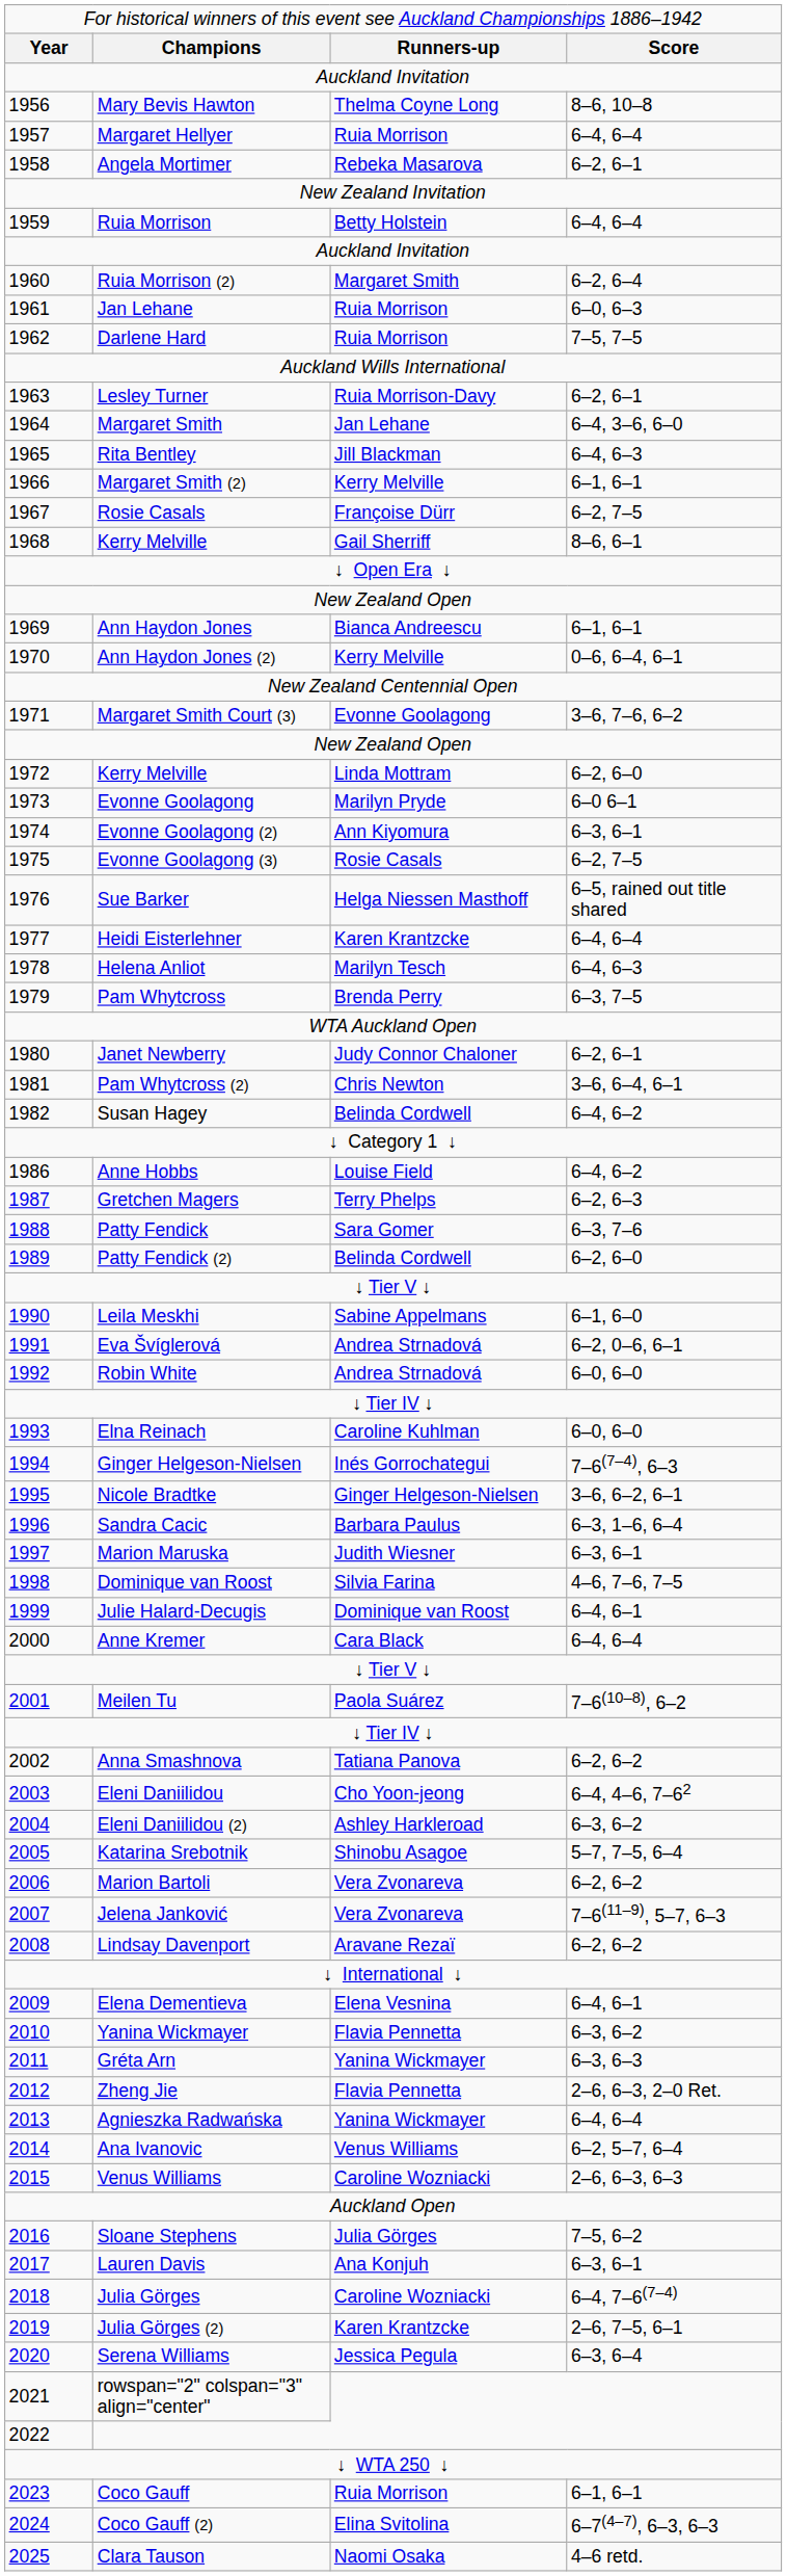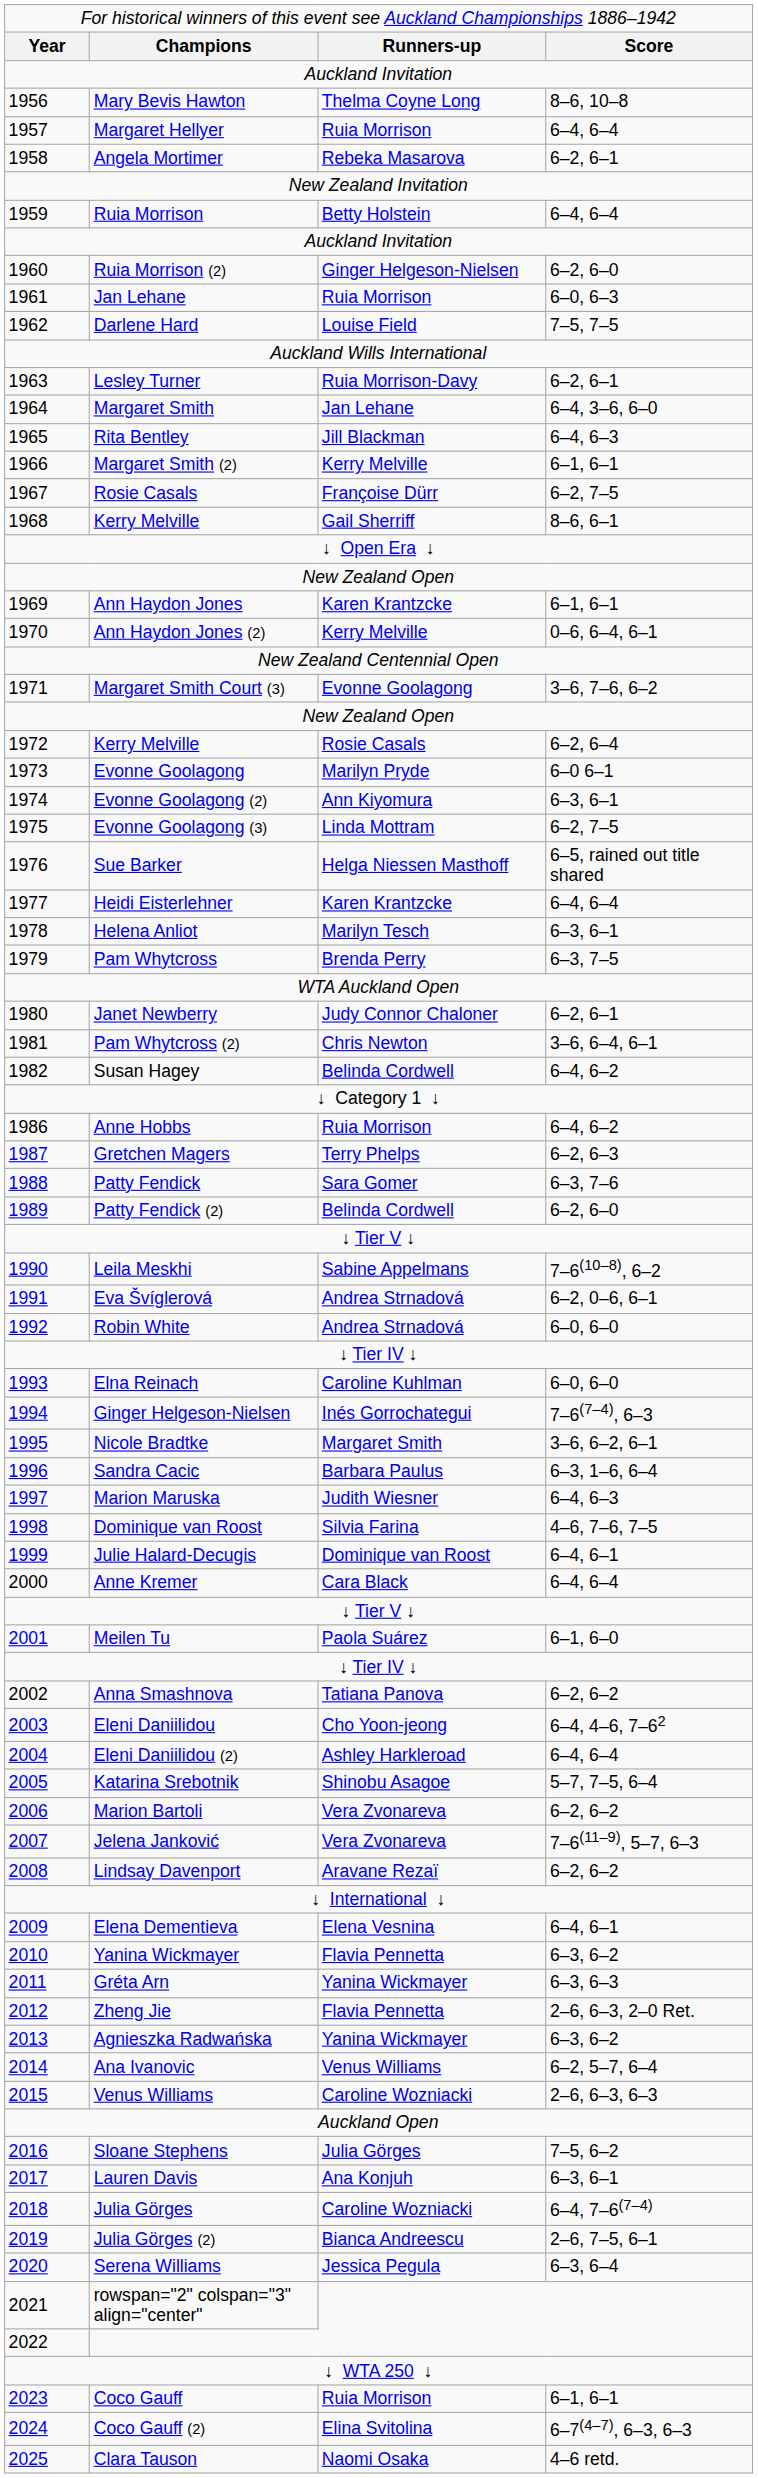 <table class="wikitable">
 <tr>
 <td colspan="4" style="text-align:center"><em>For historical winners of this event see <a href='#'>Auckland Championships</a> 1886–1942</em></td>
 </tr>
 <tr>
 <th style="width:70px">Year</th>
 <th style="width:200px">Champions</th>
 <th style="width:200px">Runners-up</th>
 <th style="width:180px" class="unsortable">Score</th>
 </tr>
 <tr>
 <td colspan=4 align=center><em>Auckland Invitation</em></td>
 </tr>
 <tr>
 <td>1956</td>
 <td>  <a href='#'>Mary Bevis Hawton</a></td>
 <td> <a href='#'>Thelma Coyne Long</a></td>
 <td>8–6, 10–8</td>
 </tr>
 <tr>
 <td>1957</td>
 <td>	<a href='#'>Margaret Hellyer</a></td>
 <td> <a href='#'>Ruia Morrison</a></td>
 <td>6–4, 6–4</td>
 </tr>
 <tr>
 <td>1958</td>
 <td>  <a href='#'>Angela Mortimer</a></td>
 <td> <a href='#'>Rebeka Masarova</a></td>
 <td>6–2, 6–1</td>
 </tr>
 <tr>
 <td colspan=4 align=center><em>New Zealand Invitation</em></td>
 </tr>
 <tr>
 <td>1959</td>
 <td> <a href='#'>Ruia Morrison</a></td>
 <td> <a href='#'>Betty Holstein</a></td>
 <td>6–4, 6–4</td>
 </tr>
 <tr>
 <td colspan=4 align=center><em>Auckland Invitation</em></td>
 </tr>
 <tr>
 <td>1960</td>
 <td>  <a href='#'>Ruia Morrison</a> <small>(2)</small></td>
-<td> <a href='#'>Margaret Smith</a></td>
-<td>6–2, 6–4</td>
+<td> <a href='#'>Ginger Helgeson-Nielsen</a></td>
+<td>6–2, 6–0</td>
 </tr>
 <tr>
 <td>1961</td>
 <td>  <a href='#'>Jan Lehane</a></td>
 <td> <a href='#'>Ruia Morrison</a></td>
 <td>6–0, 6–3</td>
 </tr>
 <tr>
 <td>1962</td>
 <td> <a href='#'>Darlene Hard</a></td>
-<td> <a href='#'>Ruia Morrison</a></td>
+<td> <a href='#'>Louise Field</a></td>
 <td>7–5, 7–5</td>
 </tr>
 <tr>
 <td colspan=4 align=center><em>Auckland Wills International</em></td>
 </tr>
 <tr>
 <td>1963</td>
 <td>  <a href='#'>Lesley Turner</a></td>
 <td> <a href='#'>Ruia Morrison-Davy</a></td>
 <td>6–2, 6–1</td>
 </tr>
 <tr>
 <td>1964</td>
 <td> <a href='#'>Margaret Smith</a></td>
 <td>  <a href='#'>Jan Lehane</a></td>
 <td>6–4, 3–6, 6–0</td>
 </tr>
 <tr>
 <td>1965</td>
 <td> <a href='#'>Rita Bentley</a></td>
 <td> <a href='#'>Jill Blackman</a></td>
 <td>6–4, 6–3</td>
 </tr>
 <tr>
 <td>1966</td>
 <td> <a href='#'>Margaret Smith</a> <small>(2)</small></td>
 <td> <a href='#'>Kerry Melville</a></td>
 <td>6–1, 6–1</td>
 </tr>
 <tr>
 <td>1967</td>
 <td> <a href='#'>Rosie Casals</a></td>
 <td> <a href='#'>Françoise Dürr</a></td>
 <td>6–2, 7–5</td>
 </tr>
 <tr>
 <td>1968</td>
 <td> <a href='#'>Kerry Melville</a></td>
 <td> <a href='#'>Gail Sherriff</a></td>
 <td>8–6, 6–1</td>
 </tr>
 <tr>
 <td colspan=5 align=center>↓  <a href='#'>Open Era</a>  ↓</td>
 </tr>
 <tr>
 <td colspan=4 align=center><em>New Zealand Open</em></td>
 </tr>
 <tr>
 <td>1969</td>
 <td> <a href='#'>Ann Haydon Jones</a></td>
-<td> <a href='#'>Bianca Andreescu</a></td>
+<td> <a href='#'>Karen Krantzcke</a></td>
 <td>6–1, 6–1</td>
 </tr>
 <tr>
 <td>1970</td>
 <td> <a href='#'>Ann Haydon Jones</a> <small>(2)</small></td>
 <td> <a href='#'>Kerry Melville</a></td>
 <td>0–6, 6–4, 6–1</td>
 </tr>
 <tr>
 <td colspan=4 align=center><em>New Zealand Centennial Open</em></td>
 </tr>
 <tr>
 <td>1971</td>
 <td> <a href='#'>Margaret Smith Court</a> <small>(3)</small></td>
 <td> <a href='#'>Evonne Goolagong</a></td>
 <td>3–6, 7–6, 6–2</td>
 </tr>
 <tr>
 <td colspan=4 align=center><em>New Zealand Open</em></td>
 </tr>
 <tr>
 <td>1972</td>
 <td> <a href='#'>Kerry Melville</a></td>
-<td> <a href='#'>Linda Mottram</a></td>
-<td>6–2, 6–0</td>
+<td> <a href='#'>Rosie Casals</a></td>
+<td>6–2, 6–4</td>
 </tr>
 <tr>
 <td>1973</td>
 <td> <a href='#'>Evonne Goolagong</a></td>
 <td> <a href='#'>Marilyn Pryde</a></td>
 <td>6–0 6–1</td>
 </tr>
 <tr>
 <td>1974</td>
 <td> <a href='#'>Evonne Goolagong</a> <small>(2)</small></td>
 <td> <a href='#'>Ann Kiyomura</a></td>
 <td>6–3, 6–1</td>
 </tr>
 <tr>
 <td>1975</td>
 <td> <a href='#'>Evonne Goolagong</a> <small>(3)</small></td>
-<td> <a href='#'>Rosie Casals</a></td>
+<td> <a href='#'>Linda Mottram</a></td>
 <td>6–2, 7–5</td>
 </tr>
 <tr>
 <td>1976</td>
 <td> <a href='#'>Sue Barker</a></td>
 <td> <a href='#'>Helga Niessen Masthoff</a></td>
 <td>6–5, rained out title shared</td>
 </tr>
 <tr>
 <td>1977</td>
 <td> <a href='#'>Heidi Eisterlehner</a></td>
 <td> <a href='#'>Karen Krantzcke</a></td>
 <td>6–4, 6–4</td>
 </tr>
 <tr>
 <td>1978</td>
 <td> <a href='#'>Helena Anliot</a></td>
 <td> <a href='#'>Marilyn Tesch</a></td>
-<td>6–4, 6–3</td>
+<td>6–3, 6–1</td>
 </tr>
 <tr>
 <td>1979</td>
 <td> <a href='#'>Pam Whytcross</a></td>
 <td> <a href='#'>Brenda Perry</a></td>
 <td>6–3, 7–5</td>
 </tr>
 <tr>
 <td colspan=4 align=center><em>WTA Auckland Open</em></td>
 </tr>
 <tr>
 <td>1980</td>
 <td> <a href='#'>Janet Newberry</a></td>
 <td> <a href='#'>Judy Connor Chaloner</a></td>
 <td>6–2, 6–1</td>
 </tr>
 <tr>
 <td>1981</td>
 <td> <a href='#'>Pam Whytcross</a> <small> (2) </small></td>
 <td> <a href='#'>Chris Newton</a></td>
 <td>3–6, 6–4, 6–1</td>
 </tr>
 <tr>
 <td>1982</td>
 <td> 	Susan Hagey</td>
 <td> <a href='#'>Belinda Cordwell</a></td>
 <td>6–4, 6–2</td>
 </tr>
 <tr>
 <td align=center colspan="4">↓  Category 1  ↓</td>
 </tr>
 <tr>
 <td>1986</td>
 <td> <a href='#'>Anne Hobbs</a></td>
-<td> <a href='#'>Louise Field</a></td>
+<td> <a href='#'>Ruia Morrison</a></td>
 <td>6–4, 6–2</td>
 </tr>
 <tr>
 <td><a href='#'>1987</a></td>
 <td> <a href='#'>Gretchen Magers</a></td>
 <td> <a href='#'>Terry Phelps</a></td>
 <td>6–2, 6–3</td>
 </tr>
 <tr>
 <td><a href='#'>1988</a></td>
 <td> <a href='#'>Patty Fendick</a></td>
 <td> <a href='#'>Sara Gomer</a></td>
 <td>6–3, 7–6</td>
 </tr>
 <tr>
 <td><a href='#'>1989</a></td>
 <td> <a href='#'>Patty Fendick</a> <small> (2) </small></td>
 <td> <a href='#'>Belinda Cordwell</a></td>
 <td>6–2, 6–0</td>
 </tr>
 <tr>
 <td align=center colspan="4">↓ <a href='#'>Tier V</a>  ↓</td>
 </tr>
 <tr>
 <td><a href='#'>1990</a></td>
 <td> <a href='#'>Leila Meskhi</a></td>
 <td> <a href='#'>Sabine Appelmans</a></td>
-<td>6–1, 6–0</td>
+<td>7–6<sup>(10–8)</sup>, 6–2</td>
 </tr>
 <tr>
 <td><a href='#'>1991</a></td>
 <td> <a href='#'>Eva Švíglerová</a></td>
 <td> <a href='#'>Andrea Strnadová</a></td>
 <td>6–2, 0–6, 6–1</td>
 </tr>
 <tr>
 <td><a href='#'>1992</a></td>
 <td> <a href='#'>Robin White</a></td>
 <td> <a href='#'>Andrea Strnadová</a></td>
 <td>6–0, 6–0</td>
 </tr>
 <tr>
 <td align=center colspan="4">↓ <a href='#'>Tier IV</a>  ↓</td>
 </tr>
 <tr>
 <td><a href='#'>1993</a></td>
 <td> <a href='#'>Elna Reinach</a></td>
 <td> <a href='#'>Caroline Kuhlman</a></td>
 <td>6–0, 6–0</td>
 </tr>
 <tr>
 <td><a href='#'>1994</a></td>
 <td> <a href='#'>Ginger Helgeson-Nielsen</a></td>
 <td> <a href='#'>Inés Gorrochategui</a></td>
 <td>7–6<sup>(7–4)</sup>, 6–3</td>
 </tr>
 <tr>
 <td><a href='#'>1995</a></td>
 <td> <a href='#'>Nicole Bradtke</a></td>
-<td> <a href='#'>Ginger Helgeson-Nielsen</a></td>
+<td> <a href='#'>Margaret Smith</a></td>
 <td>3–6, 6–2, 6–1</td>
 </tr>
 <tr>
 <td><a href='#'>1996</a></td>
 <td> <a href='#'>Sandra Cacic</a></td>
 <td> <a href='#'>Barbara Paulus</a></td>
 <td>6–3, 1–6, 6–4</td>
 </tr>
 <tr>
 <td><a href='#'>1997</a></td>
 <td> <a href='#'>Marion Maruska</a></td>
 <td> <a href='#'>Judith Wiesner</a></td>
-<td>6–3, 6–1</td>
+<td>6–4, 6–3</td>
 </tr>
 <tr>
 <td><a href='#'>1998</a></td>
 <td> <a href='#'>Dominique van Roost</a></td>
 <td> <a href='#'>Silvia Farina</a></td>
 <td>4–6, 7–6, 7–5</td>
 </tr>
 <tr>
 <td><a href='#'>1999</a></td>
 <td> <a href='#'>Julie Halard-Decugis</a></td>
 <td> <a href='#'>Dominique van Roost</a></td>
 <td>6–4, 6–1</td>
 </tr>
 <tr>
 <td>2000</td>
 <td> <a href='#'>Anne Kremer</a></td>
 <td> <a href='#'>Cara Black</a></td>
 <td>6–4, 6–4</td>
 </tr>
 <tr>
 <td align=center colspan="4">↓ <a href='#'>Tier V</a>  ↓</td>
 </tr>
 <tr>
 <td><a href='#'>2001</a></td>
 <td> <a href='#'>Meilen Tu</a></td>
 <td> <a href='#'>Paola Suárez</a></td>
-<td>7–6<sup>(10–8)</sup>, 6–2</td>
+<td>6–1, 6–0</td>
 </tr>
 <tr>
 <td align=center colspan="4">↓ <a href='#'>Tier IV</a>  ↓</td>
 </tr>
 <tr>
 <td>2002</td>
 <td> <a href='#'>Anna Smashnova</a></td>
 <td> <a href='#'>Tatiana Panova</a></td>
 <td>6–2, 6–2</td>
 </tr>
 <tr>
 <td><a href='#'>2003</a></td>
 <td> <a href='#'>Eleni Daniilidou</a></td>
 <td> <a href='#'>Cho Yoon-jeong</a></td>
 <td>6–4, 4–6, 7–6<sup>2</sup></td>
 </tr>
 <tr>
 <td><a href='#'>2004</a></td>
 <td> <a href='#'>Eleni Daniilidou</a> <small> (2) </small></td>
 <td> <a href='#'>Ashley Harkleroad</a></td>
-<td>6–3, 6–2</td>
+<td>6–4, 6–4</td>
 </tr>
 <tr>
 <td><a href='#'>2005</a></td>
 <td> <a href='#'>Katarina Srebotnik</a></td>
 <td> <a href='#'>Shinobu Asagoe</a></td>
 <td>5–7, 7–5, 6–4</td>
 </tr>
 <tr>
 <td><a href='#'>2006</a></td>
 <td> <a href='#'>Marion Bartoli</a></td>
 <td> <a href='#'>Vera Zvonareva</a></td>
 <td>6–2, 6–2</td>
 </tr>
 <tr>
 <td><a href='#'>2007</a></td>
 <td> <a href='#'>Jelena Janković</a></td>
 <td> <a href='#'>Vera Zvonareva</a></td>
 <td>7–6<sup>(11–9)</sup>, 5–7, 6–3</td>
 </tr>
 <tr>
 <td><a href='#'>2008</a></td>
 <td> <a href='#'>Lindsay Davenport</a></td>
 <td> <a href='#'>Aravane Rezaï</a></td>
 <td>6–2, 6–2</td>
 </tr>
 <tr>
 <td align=center colspan="4">↓  <a href='#'>International</a>  ↓</td>
 </tr>
 <tr>
 <td><a href='#'>2009</a></td>
 <td> <a href='#'>Elena Dementieva</a></td>
 <td> <a href='#'>Elena Vesnina</a></td>
 <td>6–4, 6–1</td>
 </tr>
 <tr>
 <td><a href='#'>2010</a></td>
 <td> <a href='#'>Yanina Wickmayer</a></td>
 <td> <a href='#'>Flavia Pennetta</a></td>
 <td>6–3, 6–2</td>
 </tr>
 <tr>
 <td><a href='#'>2011</a></td>
 <td> <a href='#'>Gréta Arn</a></td>
 <td> <a href='#'>Yanina Wickmayer</a></td>
 <td>6–3, 6–3</td>
 </tr>
 <tr>
 <td><a href='#'>2012</a></td>
 <td> <a href='#'>Zheng Jie</a></td>
 <td> <a href='#'>Flavia Pennetta</a></td>
 <td>2–6, 6–3, 2–0 Ret.</td>
 </tr>
 <tr>
 <td><a href='#'>2013</a></td>
 <td> <a href='#'>Agnieszka Radwańska</a></td>
 <td> <a href='#'>Yanina Wickmayer</a></td>
-<td>6–4, 6–4</td>
+<td>6–3, 6–2</td>
 </tr>
 <tr>
 <td><a href='#'>2014</a></td>
 <td> <a href='#'>Ana Ivanovic</a></td>
 <td> <a href='#'>Venus Williams</a></td>
 <td>6–2, 5–7, 6–4</td>
 </tr>
 <tr>
 <td><a href='#'>2015</a></td>
 <td> <a href='#'>Venus Williams</a></td>
 <td> <a href='#'>Caroline Wozniacki</a></td>
 <td>2–6, 6–3, 6–3</td>
 </tr>
 <tr>
 <td colspan=4 align=center><em>Auckland Open</em></td>
 </tr>
 <tr>
 <td><a href='#'>2016</a></td>
 <td> <a href='#'>Sloane Stephens</a></td>
 <td> <a href='#'>Julia Görges</a></td>
 <td>7–5, 6–2</td>
 </tr>
 <tr>
 <td><a href='#'>2017</a></td>
 <td> <a href='#'>Lauren Davis</a></td>
 <td> <a href='#'>Ana Konjuh</a></td>
 <td>6–3, 6–1</td>
 </tr>
 <tr>
 <td><a href='#'>2018</a></td>
 <td> <a href='#'>Julia Görges</a></td>
 <td> <a href='#'>Caroline Wozniacki</a></td>
 <td>6–4, 7–6<sup>(7–4)</sup></td>
 </tr>
 <tr>
 <td><a href='#'>2019</a></td>
 <td> <a href='#'>Julia Görges</a> <small>(2)</small></td>
-<td> <a href='#'>Karen Krantzcke</a></td>
+<td> <a href='#'>Bianca Andreescu</a></td>
 <td>2–6, 7–5, 6–1</td>
 </tr>
 <tr>
 <td><a href='#'>2020</a></td>
 <td> <a href='#'>Serena Williams</a></td>
 <td> <a href='#'>Jessica Pegula</a></td>
 <td>6–3, 6–4</td>
 </tr>
 <tr>
 <td>2021</td>
 <td>rowspan="2" colspan="3" align="center" </td>
 </tr>
 <tr>
 <td>2022</td>
 </tr>
 <tr>
 <td align=center colspan="4">↓  <a href='#'>WTA 250</a>  ↓</td>
 </tr>
 <tr>
 <td><a href='#'>2023</a></td>
 <td> <a href='#'>Coco Gauff</a></td>
 <td> <a href='#'>Ruia Morrison</a></td>
 <td>6–1, 6–1</td>
 </tr>
 <tr>
 <td><a href='#'>2024</a></td>
 <td> <a href='#'>Coco Gauff</a> <small>(2)</small></td>
 <td> <a href='#'>Elina Svitolina</a></td>
 <td>6–7<sup>(4–7)</sup>, 6–3, 6–3</td>
 </tr>
 <tr>
 <td><a href='#'>2025</a></td>
 <td> <a href='#'>Clara Tauson</a></td>
 <td> <a href='#'>Naomi Osaka</a></td>
 <td>4–6 retd.</td>
 </tr>
 </table>
